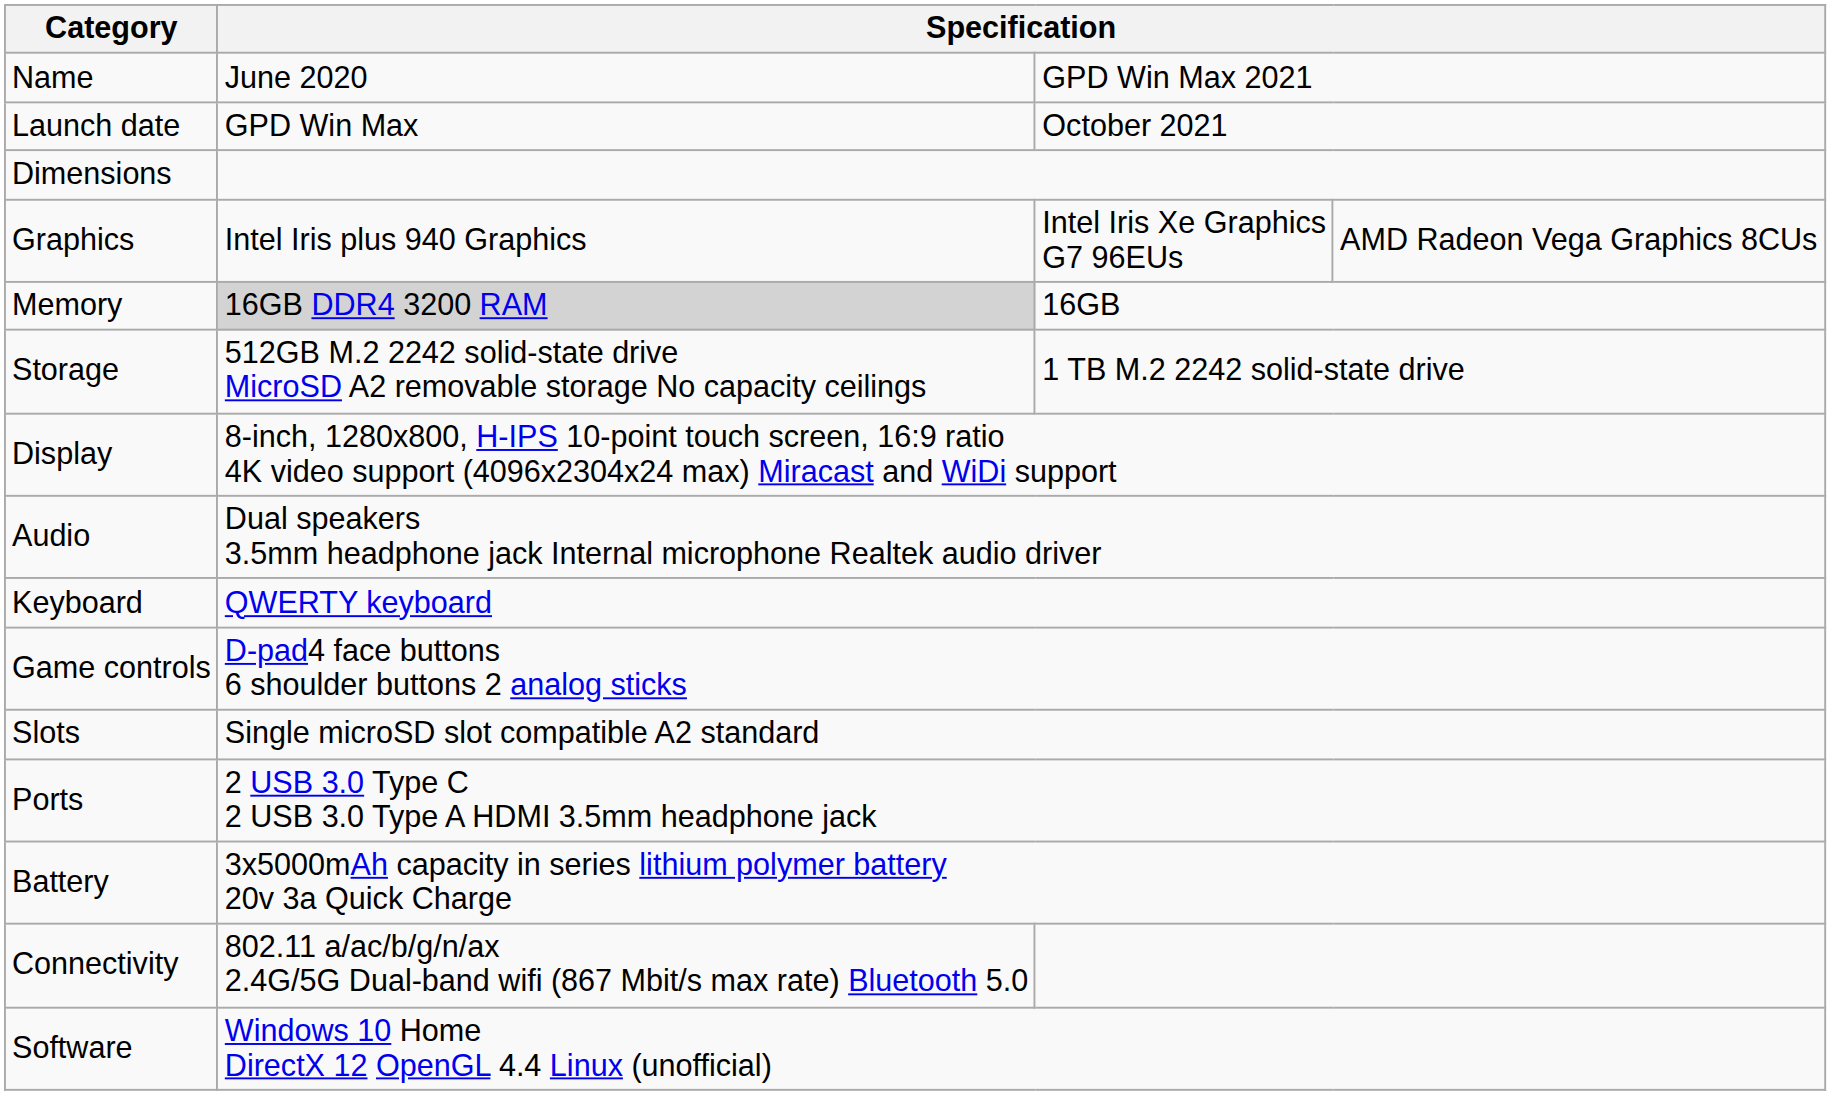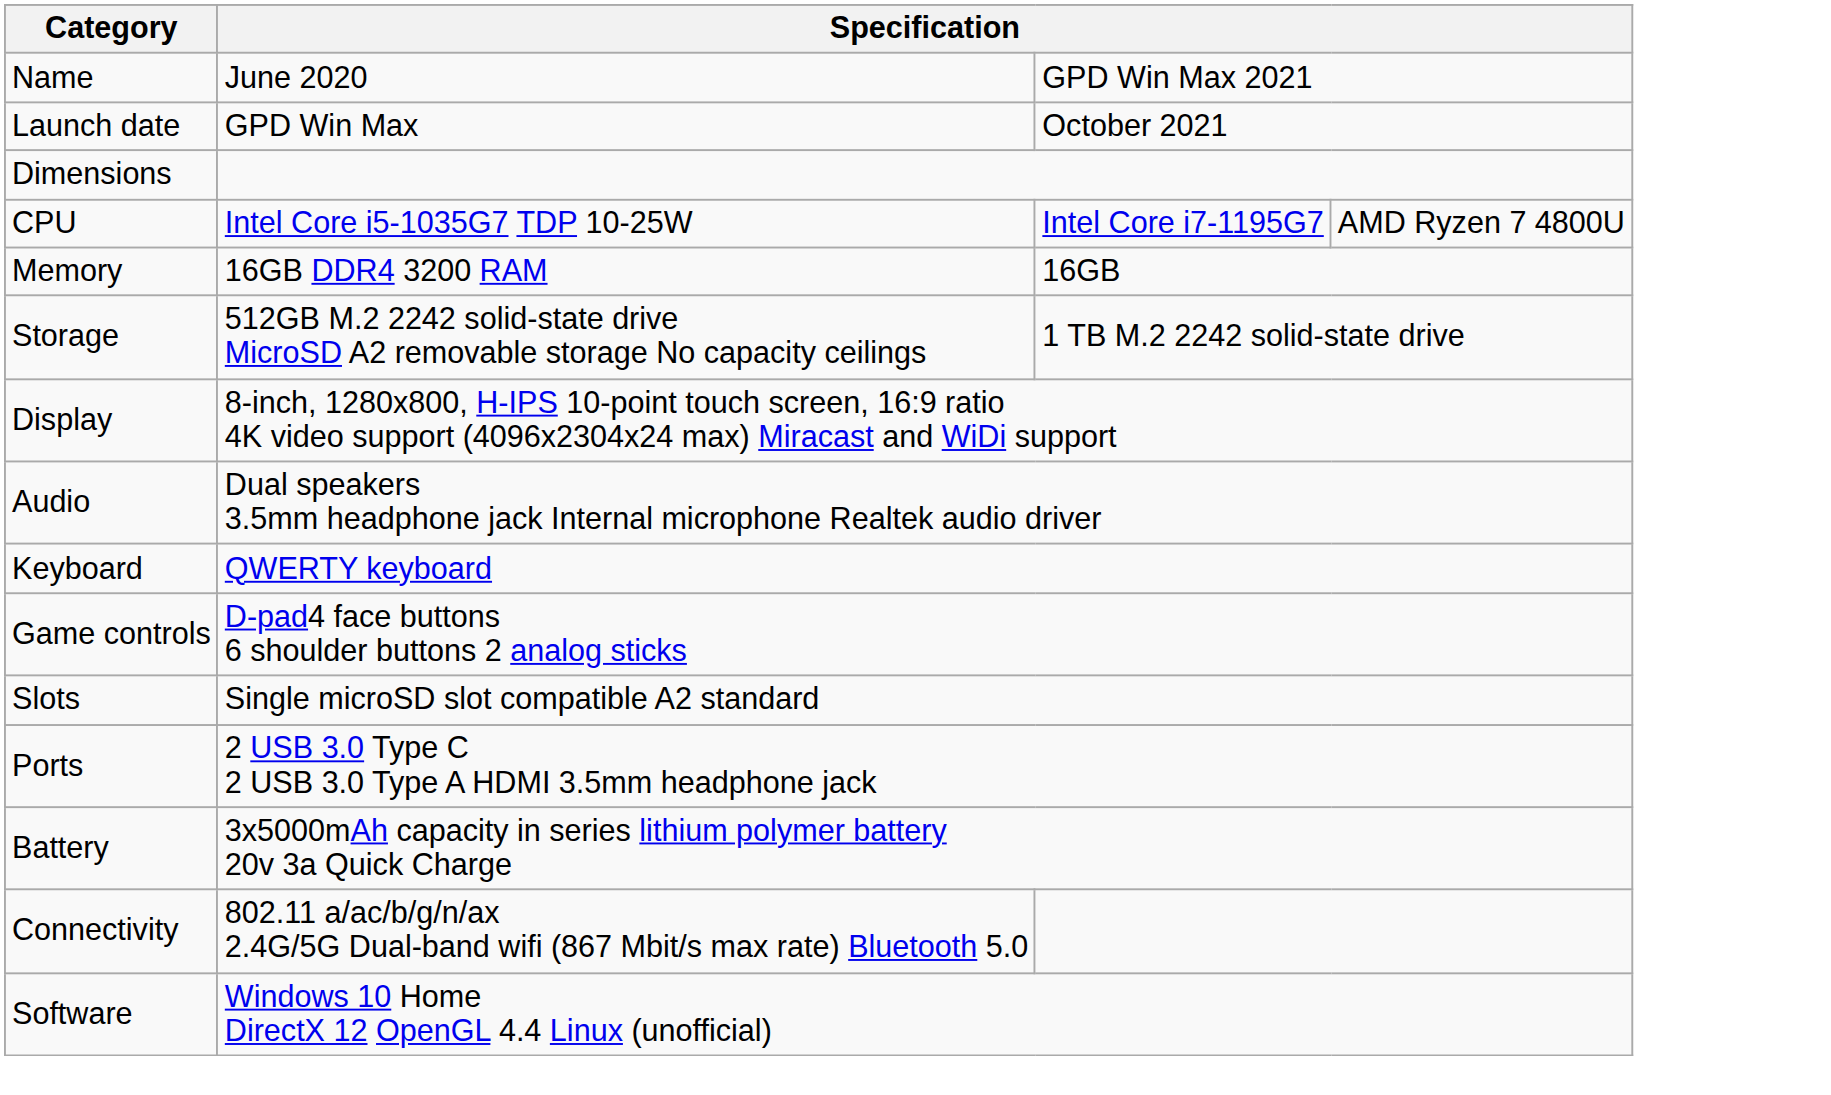 <table class="wikitable">
 <tr>
 <th>Category</th>
 <th colspan="3">Specification</th>
 </tr>
 <tr>
 <td>Name</td>
 <td>June 2020</td>
 <td colspan="2">GPD Win Max 2021</td>
 </tr>
 <tr>
 <td>Launch date</td>
 <td>GPD Win Max</td>
 <td colspan="2">October 2021</td>
 </tr>
 <tr>
 <td>Dimensions</td>
 <td colspan="3"></td>
 </tr>
 <tr>
-<td>Graphics</td>
-<td>Intel Iris plus 940 Graphics</td>
-<td>Intel Iris Xe Graphics<br>G7 96EUs</td>
-<td>AMD Radeon Vega Graphics 8CUs</td>
+<td>CPU</td>
+<td><a href='#'>Intel Core i5-1035G7</a> <a href='#'>TDP</a> 10-25W</td>
+<td><a href='#'>Intel Core i7-1195G7</a></td>
+<td>AMD Ryzen 7 4800U</td>
 </tr>
 <tr>
 <td>Memory</td>
-<td style="background: lightgrey;">16GB <a href='#'>DDR4</a> 3200 <a href='#'>RAM</a></td>
+<td>16GB <a href='#'>DDR4</a> 3200 <a href='#'>RAM</a></td>
 <td colspan="2">16GB</td>
 </tr>
 <tr>
 <td>Storage</td>
 <td>512GB M.2 2242 solid-state drive<br><a href='#'>MicroSD</a> A2 removable storage No capacity ceilings</td>
 <td colspan="2">1 TB M.2 2242 solid-state drive</td>
 </tr>
 <tr>
 <td>Display</td>
 <td colspan="3">8-inch, 1280x800, <a href='#'>H-IPS</a> 10-point touch screen, 16:9 ratio<br>4K video support (4096x2304x24 max) <a href='#'>Miracast</a> and <a href='#'>WiDi</a> support</td>
 </tr>
 <tr>
 <td>Audio</td>
 <td colspan="3">Dual speakers<br>3.5mm headphone jack Internal microphone Realtek audio driver</td>
 </tr>
 <tr>
 <td>Keyboard</td>
 <td colspan="3"><a href='#'>QWERTY keyboard</a></td>
 </tr>
 <tr>
 <td>Game controls</td>
 <td colspan="3"><a href='#'>D-pad</a>4 face buttons<br>6 shoulder buttons 2 <a href='#'>analog sticks</a></td>
 </tr>
 <tr>
 <td>Slots</td>
 <td colspan="3">Single microSD slot compatible A2 standard</td>
 </tr>
 <tr>
 <td>Ports</td>
 <td colspan="3">2 <a href='#'>USB 3.0</a> Type C<br>2 USB 3.0 Type A HDMI 3.5mm headphone jack</td>
 </tr>
 <tr>
 <td>Battery</td>
 <td colspan="3">3x5000m<a href='#'>Ah</a> capacity in series <a href='#'>lithium polymer battery</a><br>20v 3a Quick Charge</td>
 </tr>
 <tr>
 <td>Connectivity</td>
 <td>802.11 a/ac/b/g/n/ax<br>2.4G/5G Dual-band wifi (867 Mbit/s max rate) <a href='#'>Bluetooth</a> 5.0</td>
 <td colspan="2"></td>
 </tr>
 <tr>
 <td>Software</td>
 <td colspan="3"><a href='#'>Windows 10</a> Home<br><a href='#'>DirectX 12</a> <a href='#'>OpenGL</a> 4.4 <a href='#'>Linux</a> (unofficial)</td>
 </tr>
 </table>
